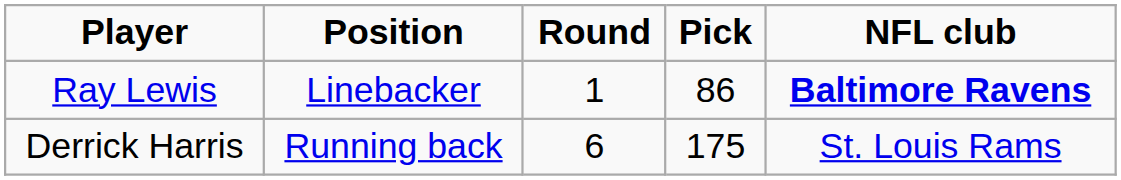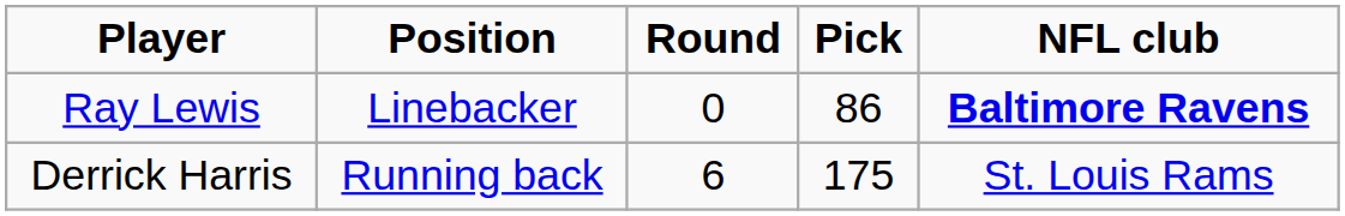 <table class="wikitable" style="width:80%;">
 <tr style="text-align:center; ">
 <td><strong>Player</strong></td>
 <td><strong>Position</strong></td>
 <td><strong>Round</strong></td>
 <td><strong>Pick</strong></td>
 <td><strong>NFL club</strong></td>
 </tr>
 <tr style="text-align:center;">
 <td><a href='#'>Ray Lewis</a></td>
 <td><a href='#'>Linebacker</a></td>
-<td>1</td>
+<td>0</td>
 <td>86</td>
 <td><strong><a href='#'>Baltimore Ravens</a></strong></td>
 </tr>
 <tr style="text-align:center;">
 <td>Derrick Harris</td>
 <td><a href='#'>Running back</a></td>
 <td>6</td>
 <td>175</td>
 <td><a href='#'>St. Louis Rams</a></td>
 </tr>
 </table>
